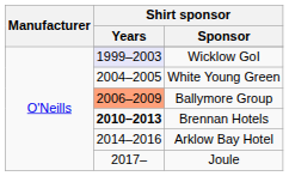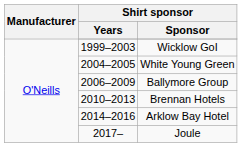 <table class="wikitable" style="text-align: center">
 <tr>
 <th rowspan="2">Manufacturer</th>
 <th colspan="2">Shirt sponsor</th>
 </tr>
 <tr>
 <th>Years</th>
 <th>Sponsor</th>
 </tr>
 <tr>
 <td rowspan= "7" colspan= "1"><a href='#'>O'Neills</a></td>
 </tr>
 <tr>
-<td style="background: lavender;">1999–2003</td>
+<td>1999–2003</td>
 <td>Wicklow GoI</td>
 </tr>
 <tr>
 <td>2004–2005</td>
 <td>White Young Green</td>
 </tr>
 <tr>
-<td style="background: lightsalmon;">2006–2009</td>
+<td>2006–2009</td>
 <td>Ballymore Group</td>
 </tr>
 <tr>
-<td><strong>2010–2013</strong></td>
+<td>2010–2013</td>
 <td>Brennan Hotels</td>
 </tr>
 <tr>
 <td>2014–2016</td>
 <td>Arklow Bay Hotel</td>
 </tr>
 <tr>
 <td>2017–</td>
 <td>Joule</td>
 </tr>
 </table>
